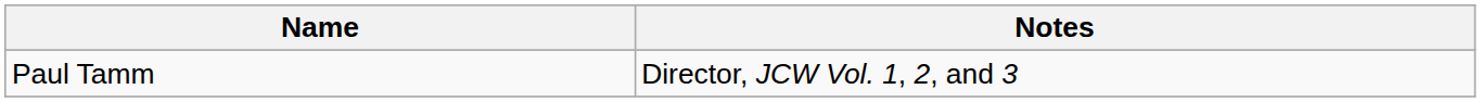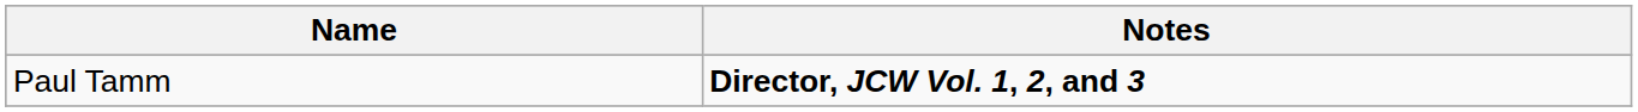 <table class="wikitable sortable" align="left center" width="65%">
 <tr>
 <th width="15%">Name</th>
 <th width="20%">Notes</th>
 </tr>
 <tr>
 <td>Paul Tamm</td>
-<td>Director, <em>JCW Vol. 1</em>, <em>2</em>, and <em>3</em></td>
+<td><strong>Director, <em>JCW Vol. 1</em>, <em>2</em>, and <em>3</em></strong></td>
 </tr>
 </table>
